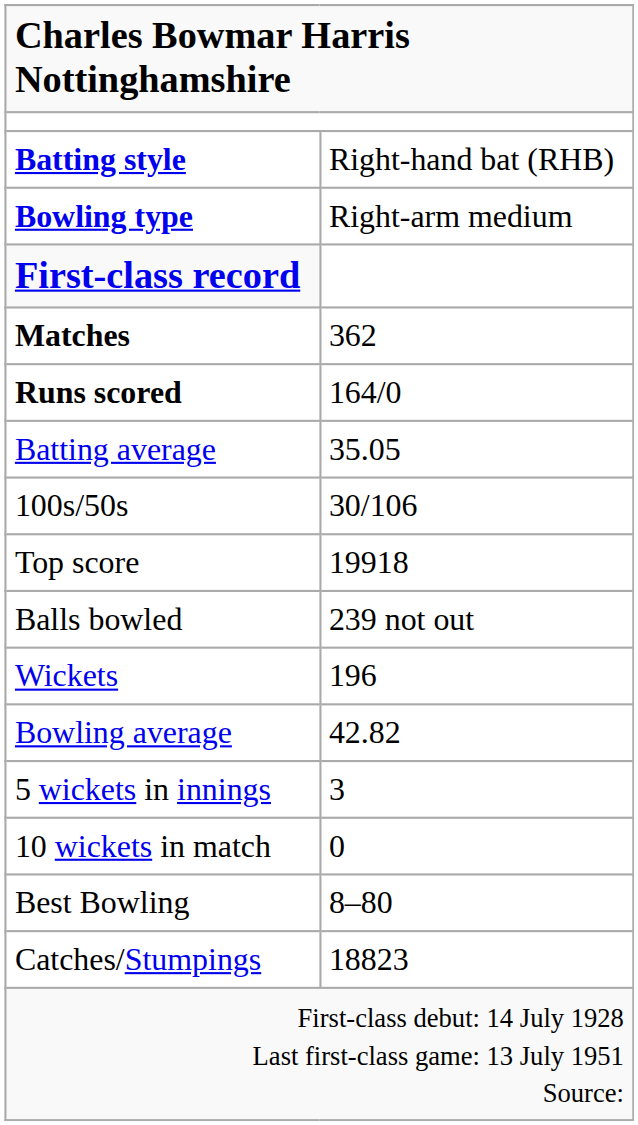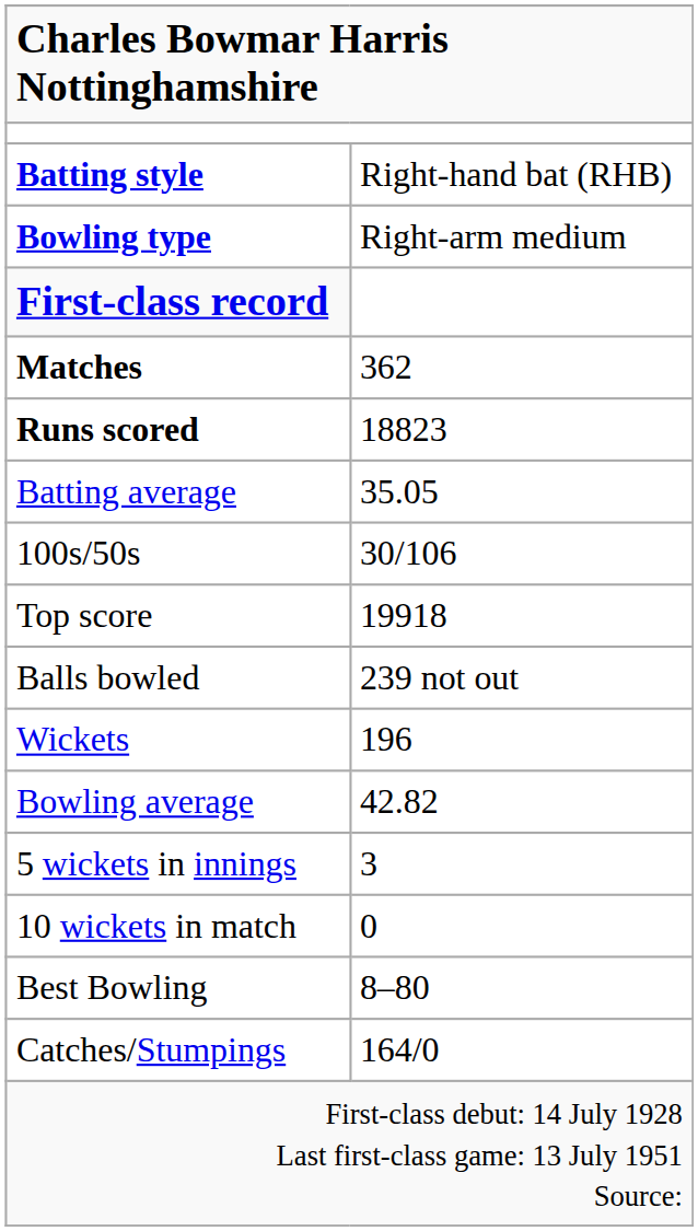 <table border=1 align=right cellpadding=4 cellspacing=0 width=300 style="margin: 0 0 1em 1em; background: #ffffff; border: 1px #aaa solid; border-collapse: collapse; font-size: 95%;">
 <tr>
 <td colspan=3 align=left style="background: #f9f9f9;"> <big><strong>Charles Bowmar Harris</strong></big><br><big><strong>Nottinghamshire</strong></big></td>
 </tr>
 <tr>
 <td align=center colspan=3 style="background:#fff;"></td>
 </tr>
 <tr>
 <td><strong><a href='#'>Batting style</a></strong></td>
 <td colspan=2>Right-hand bat (RHB)</td>
 </tr>
 <tr>
 <td><strong><a href='#'>Bowling type</a></strong></td>
 <td colspan=2>Right-arm medium</td>
 </tr>
 <tr>
 <td style="background:#f9f9f9;"><big><strong><a href='#'>First-class record</a></strong></big></td>
 </tr>
 <tr>
 <td><strong>Matches</strong></td>
 <td>362</td>
 </tr>
 <tr>
 <td><strong>Runs scored<em></td>
-<td>164/0</td>
+<td>18823</td>
 </tr>
 <tr>
 <td></strong><a href='#'>Batting average</a><strong></td>
 <td>35.05</td>
 </tr>
 <tr>
 <td></strong>100s/50s<strong></td>
 <td>30/106</td>
 </tr>
 <tr>
 <td></strong>Top score<strong></td>
 <td>19918</td>
 </tr>
 <tr>
 <td></strong>Balls bowled<strong></td>
 <td>239 not out</td>
 </tr>
 <tr>
 <td></strong><a href='#'>Wickets</a><strong></td>
 <td>196</td>
 </tr>
 <tr>
 <td></strong><a href='#'>Bowling average</a><strong></td>
 <td>42.82</td>
 </tr>
 <tr>
 <td></strong>5 <a href='#'>wickets</a> in <a href='#'>innings</a><strong></td>
 <td>3</td>
 </tr>
 <tr>
 <td></strong>10 <a href='#'>wickets</a> in match<strong></td>
 <td>0</td>
 </tr>
 <tr>
 <td></strong>Best Bowling<strong></td>
 <td>8–80</td>
 </tr>
 <tr>
 <td></strong>Catches/<a href='#'>Stumpings</a><strong></td>
-<td>18823</td>
+<td>164/0</td>
 </tr>
 <tr>
 <td colspan=3 align=right style="background: #f9f9f9;"><small>First-class debut: 14 July 1928<br>Last first-class game: 13 July 1951<br>Source:<br></small></td>
 </tr>
 </table>
